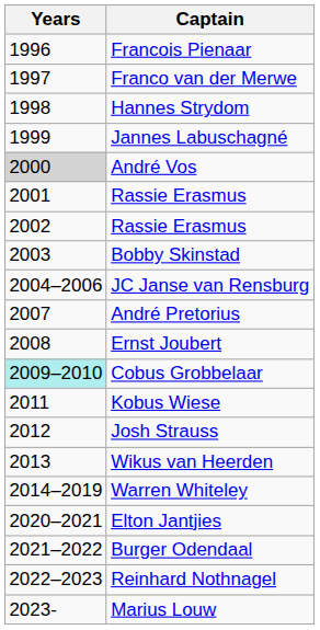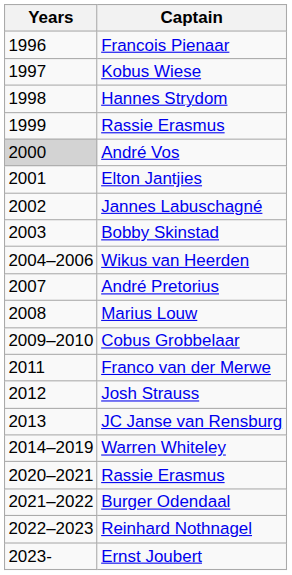 <table class="wikitable">
 <tr>
 <th>Years</th>
 <th>Captain</th>
 </tr>
 <tr>
 <td>1996</td>
 <td> <a href='#'>Francois Pienaar</a></td>
 </tr>
 <tr>
 <td>1997</td>
-<td> <a href='#'>Franco van der Merwe</a></td>
+<td> <a href='#'>Kobus Wiese</a></td>
 </tr>
 <tr>
 <td>1998</td>
 <td> <a href='#'>Hannes Strydom</a></td>
 </tr>
 <tr>
 <td>1999</td>
-<td> <a href='#'>Jannes Labuschagné</a></td>
+<td> <a href='#'>Rassie Erasmus</a></td>
 </tr>
 <tr>
 <td style="background: lightgrey;">2000</td>
 <td> <a href='#'>André Vos</a></td>
 </tr>
 <tr>
 <td>2001</td>
-<td> <a href='#'>Rassie Erasmus</a></td>
+<td> <a href='#'>Elton Jantjies</a></td>
 </tr>
 <tr>
 <td>2002</td>
-<td> <a href='#'>Rassie Erasmus</a></td>
+<td> <a href='#'>Jannes Labuschagné</a></td>
 </tr>
 <tr>
 <td>2003</td>
 <td> <a href='#'>Bobby Skinstad</a></td>
 </tr>
 <tr>
 <td>2004–2006</td>
-<td> <a href='#'>JC Janse van Rensburg</a></td>
+<td> <a href='#'>Wikus van Heerden</a></td>
 </tr>
 <tr>
 <td>2007</td>
 <td> <a href='#'>André Pretorius</a></td>
 </tr>
 <tr>
 <td>2008</td>
-<td> <a href='#'>Ernst Joubert</a></td>
+<td> <a href='#'>Marius Louw</a></td>
 </tr>
 <tr>
-<td style="background: paleturquoise;">2009–2010</td>
+<td>2009–2010</td>
 <td> <a href='#'>Cobus Grobbelaar</a></td>
 </tr>
 <tr>
 <td>2011</td>
-<td> <a href='#'>Kobus Wiese</a></td>
+<td> <a href='#'>Franco van der Merwe</a></td>
 </tr>
 <tr>
 <td>2012</td>
 <td> <a href='#'>Josh Strauss</a></td>
 </tr>
 <tr>
 <td>2013</td>
-<td> <a href='#'>Wikus van Heerden</a></td>
+<td> <a href='#'>JC Janse van Rensburg</a></td>
 </tr>
 <tr>
 <td>2014–2019</td>
 <td> <a href='#'>Warren Whiteley</a></td>
 </tr>
 <tr>
 <td>2020–2021</td>
-<td> <a href='#'>Elton Jantjies</a></td>
+<td> <a href='#'>Rassie Erasmus</a></td>
 </tr>
 <tr>
 <td>2021–2022</td>
 <td> <a href='#'>Burger Odendaal</a></td>
 </tr>
 <tr>
 <td>2022–2023</td>
 <td> <a href='#'>Reinhard Nothnagel</a></td>
 </tr>
 <tr>
 <td>2023-</td>
-<td> <a href='#'>Marius Louw</a></td>
+<td> <a href='#'>Ernst Joubert</a></td>
 </tr>
 </table>
